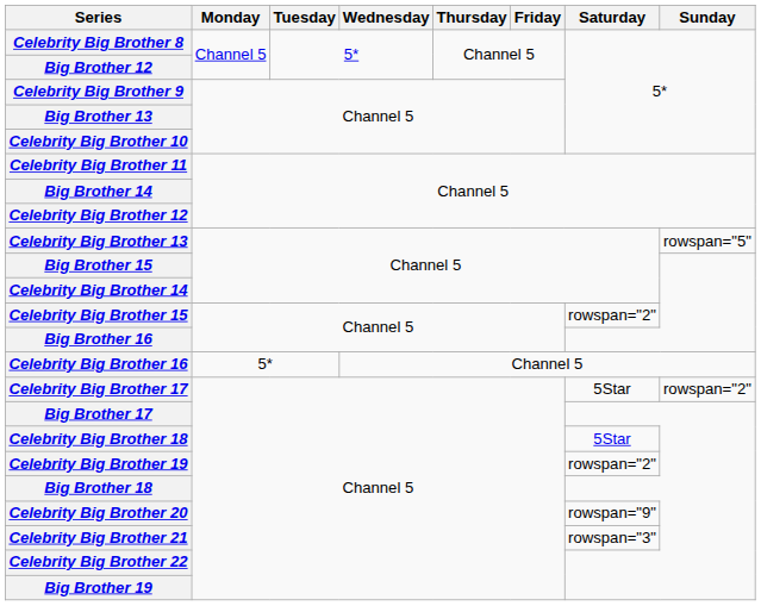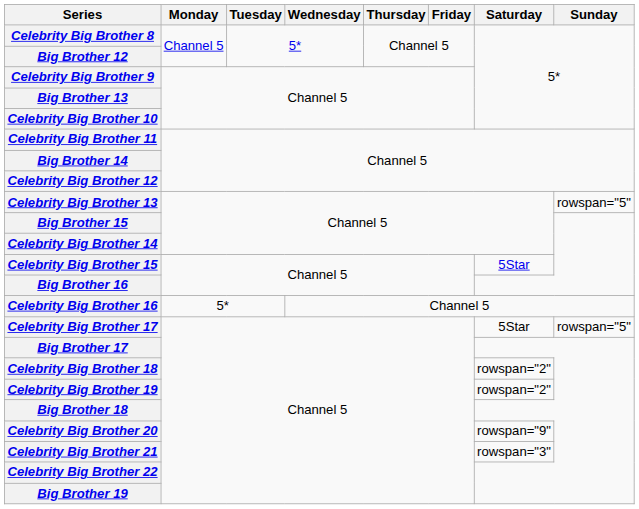 <table class="wikitable" style="text-align: center;">
 <tr>
 <th>Series</th>
 <th>Monday</th>
 <th>Tuesday</th>
 <th>Wednesday</th>
 <th>Thursday</th>
 <th>Friday</th>
 <th>Saturday</th>
 <th>Sunday</th>
 </tr>
 <tr>
 <th><em><a href='#'>Celebrity Big Brother 8</a></em></th>
 <td rowspan="2"><a href='#'>Channel 5</a></td>
 <td rowspan="2" colspan="2"><a href='#'>5*</a></td>
 <td rowspan="2" colspan="2">Channel 5</td>
 <td rowspan="5" colspan="2">5*</td>
 </tr>
 <tr>
 <th><em><a href='#'>Big Brother 12</a></em></th>
 </tr>
 <tr>
 <th><em><a href='#'>Celebrity Big Brother 9</a></em></th>
 <td rowspan="3" colspan="5">Channel 5</td>
 </tr>
 <tr>
 <th><em><a href='#'>Big Brother 13</a></em></th>
 </tr>
 <tr>
 <th><em><a href='#'>Celebrity Big Brother 10</a></em></th>
 </tr>
 <tr>
 <th><em><a href='#'>Celebrity Big Brother 11</a></em></th>
 <td colspan="7" rowspan="3">Channel 5</td>
 </tr>
 <tr>
 <th><em><a href='#'>Big Brother 14</a></em></th>
 </tr>
 <tr>
 <th><em><a href='#'>Celebrity Big Brother 12</a></em></th>
 </tr>
 <tr>
 <th><em><a href='#'>Celebrity Big Brother 13</a></em></th>
 <td rowspan="3" colspan="6">Channel 5</td>
 <td>rowspan="5" </td>
 </tr>
 <tr>
 <th><em><a href='#'>Big Brother 15</a></em></th>
 </tr>
 <tr>
 <th><em><a href='#'>Celebrity Big Brother 14</a></em></th>
 </tr>
 <tr>
 <th><em><a href='#'>Celebrity Big Brother 15</a></em></th>
 <td rowspan="2" colspan="5">Channel 5</td>
-<td>rowspan="2" </td>
+<td colspan="1"><a href='#'>5Star</a></td>
 </tr>
 <tr>
 <th><em><a href='#'>Big Brother 16</a></em></th>
 </tr>
 <tr>
 <th><em><a href='#'>Celebrity Big Brother 16</a></em></th>
 <td colspan="2">5*</td>
 <td colspan="5">Channel 5</td>
 </tr>
 <tr>
 <th><em><a href='#'>Celebrity Big Brother 17</a></em></th>
 <td rowspan="9" colspan="5">Channel 5</td>
 <td colspan="1">5Star</td>
-<td>rowspan="2" </td>
+<td>rowspan="5" </td>
 </tr>
 <tr>
 <th><em><a href='#'>Big Brother 17</a></em></th>
 </tr>
 <tr>
 <th><em><a href='#'>Celebrity Big Brother 18</a></em></th>
-<td colspan="1"><a href='#'>5Star</a></td>
+<td>rowspan="2" </td>
 </tr>
 <tr>
 <th><em><a href='#'>Celebrity Big Brother 19</a></em></th>
 <td>rowspan="2" </td>
 </tr>
 <tr>
 <th><em><a href='#'>Big Brother 18</a></em></th>
 </tr>
 <tr>
 <th><em><a href='#'>Celebrity Big Brother 20</a></em></th>
 <td>rowspan="9" </td>
 </tr>
 <tr>
 <th><em><a href='#'>Celebrity Big Brother 21</a></em></th>
 <td>rowspan="3" </td>
 </tr>
 <tr>
 <th><em><a href='#'>Celebrity Big Brother 22</a></em></th>
 </tr>
 <tr>
 <th><em><a href='#'>Big Brother 19</a></em></th>
 </tr>
 </table>
